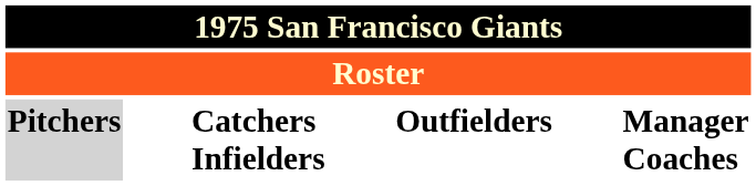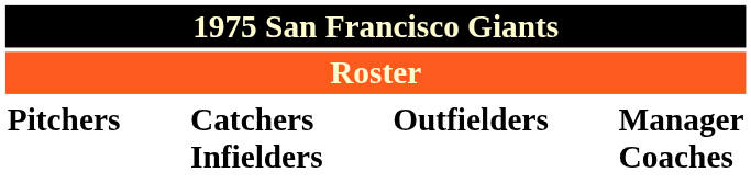 <table class="toccolours" style="font-size: 95%;">
 <tr>
 <th colspan="10" style="background-color: black; color: #FFFDD0; text-align: center;">1975 San Francisco Giants</th>
 </tr>
 <tr>
 <td colspan="10" style="background-color: #fd5a1e; color: #FFFDD0; text-align: center;"><strong>Roster</strong></td>
 </tr>
 <tr>
-<td valign="top" style="background: lightgrey;"><strong>Pitchers</strong><br>              </td>
+<td valign="top"><strong>Pitchers</strong><br>              </td>
 <td width="25px"></td>
 <td valign="top"><strong>Catchers</strong><br>    <strong>Infielders</strong>          </td>
 <td width="25px"></td>
 <td valign="top"><strong>Outfielders</strong><br>        </td>
 <td width="25px"></td>
 <td valign="top"><strong>Manager</strong><br> <strong>Coaches</strong>    </td>
 </tr>
 </table>
